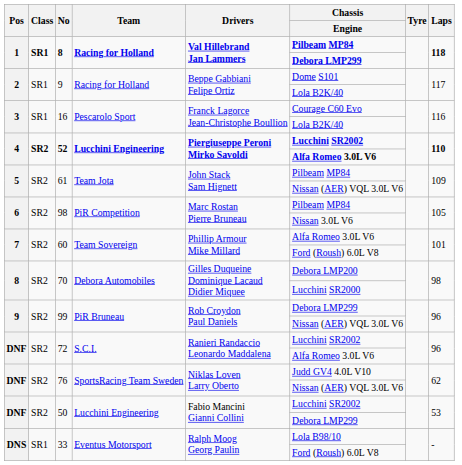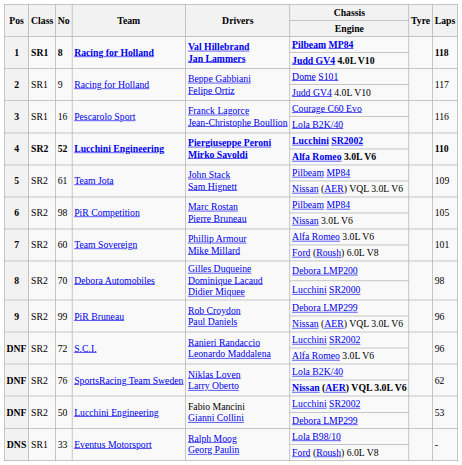 <table class="wikitable" style="font-size: 95%;">
 <tr>
 <th rowspan=2>Pos</th>
 <th rowspan=2>Class</th>
 <th rowspan=2>No</th>
 <th rowspan=2>Team</th>
 <th rowspan=2>Drivers</th>
 <th>Chassis</th>
 <th rowspan=2>Tyre</th>
 <th rowspan=2>Laps</th>
 </tr>
 <tr>
 <th>Engine</th>
 </tr>
 <tr style="font-weight:bold">
 <th rowspan=2>1</th>
 <td rowspan=2>SR1</td>
 <td rowspan=2>8</td>
 <td rowspan=2> <a href='#'>Racing for Holland</a></td>
 <td rowspan=2> <a href='#'>Val Hillebrand</a><br> <a href='#'>Jan Lammers</a></td>
 <td><a href='#'>Pilbeam</a> <a href='#'>MP84</a></td>
 <td rowspan=2></td>
 <td rowspan=2>118</td>
 </tr>
 <tr style="font-weight:bold">
-<td><a href='#'>Debora LMP299</a></td>
+<td><a href='#'>Judd GV4</a> 4.0L V10</td>
 </tr>
 <tr>
 <th rowspan=2>2</th>
 <td rowspan=2>SR1</td>
 <td rowspan=2>9</td>
 <td rowspan=2> <a href='#'>Racing for Holland</a></td>
 <td rowspan=2> <a href='#'>Beppe Gabbiani</a><br> <a href='#'>Felipe Ortiz</a></td>
 <td><a href='#'>Dome</a> <a href='#'>S101</a></td>
 <td rowspan=2></td>
 <td rowspan=2>117</td>
 </tr>
 <tr>
-<td><a href='#'>Lola B2K/40</a></td>
+<td><a href='#'>Judd GV4</a> 4.0L V10</td>
 </tr>
 <tr>
 <th rowspan=2>3</th>
 <td rowspan=2>SR1</td>
 <td rowspan=2>16</td>
 <td rowspan=2> <a href='#'>Pescarolo Sport</a></td>
 <td rowspan=2> <a href='#'>Franck Lagorce</a><br> <a href='#'>Jean-Christophe Boullion</a></td>
 <td><a href='#'>Courage C60 Evo</a></td>
 <td rowspan=2></td>
 <td rowspan=2>116</td>
 </tr>
 <tr>
 <td><a href='#'>Lola B2K/40</a></td>
 </tr>
 <tr style="font-weight:bold">
 <th rowspan=2>4</th>
 <td rowspan=2>SR2</td>
 <td rowspan=2>52</td>
 <td rowspan=2> <a href='#'>Lucchini Engineering</a></td>
 <td rowspan=2> <a href='#'>Piergiuseppe Peroni</a><br> <a href='#'>Mirko Savoldi</a></td>
 <td><a href='#'>Lucchini</a> <a href='#'>SR2002</a></td>
 <td rowspan=2></td>
 <td rowspan=2>110</td>
 </tr>
 <tr style="font-weight:bold">
 <td><a href='#'>Alfa Romeo</a> 3.0L V6</td>
 </tr>
 <tr>
 <th rowspan=2>5</th>
 <td rowspan=2>SR2</td>
 <td rowspan=2>61</td>
 <td rowspan=2> <a href='#'>Team Jota</a></td>
 <td rowspan=2> <a href='#'>John Stack</a><br> <a href='#'>Sam Hignett</a></td>
 <td><a href='#'>Pilbeam</a> <a href='#'>MP84</a></td>
 <td rowspan=2></td>
 <td rowspan=2>109</td>
 </tr>
 <tr>
 <td><a href='#'>Nissan</a> (<a href='#'>AER</a>) VQL 3.0L V6</td>
 </tr>
 <tr>
 <th rowspan=2>6</th>
 <td rowspan=2>SR2</td>
 <td rowspan=2>98</td>
 <td rowspan=2> <a href='#'>PiR Competition</a></td>
 <td rowspan=2> <a href='#'>Marc Rostan</a><br> <a href='#'>Pierre Bruneau</a></td>
 <td><a href='#'>Pilbeam</a> <a href='#'>MP84</a></td>
 <td rowspan=2></td>
 <td rowspan=2>105</td>
 </tr>
 <tr>
 <td><a href='#'>Nissan</a> 3.0L V6</td>
 </tr>
 <tr>
 <th rowspan=2>7</th>
 <td rowspan=2>SR2</td>
 <td rowspan=2>60</td>
 <td rowspan=2> <a href='#'>Team Sovereign</a></td>
 <td rowspan=2> <a href='#'>Phillip Armour</a><br> <a href='#'>Mike Millard</a></td>
 <td><a href='#'>Alfa Romeo</a> 3.0L V6</td>
 <td rowspan=2></td>
 <td rowspan=2>101</td>
 </tr>
 <tr>
 <td><a href='#'>Ford</a> (<a href='#'>Roush</a>) 6.0L V8</td>
 </tr>
 <tr>
 <th rowspan=2>8</th>
 <td rowspan=2>SR2</td>
 <td rowspan=2>70</td>
 <td rowspan=2> <a href='#'>Debora Automobiles</a></td>
 <td rowspan=2> <a href='#'>Gilles Duqueine</a><br> <a href='#'>Dominique Lacaud</a><br> <a href='#'>Didier Miquee</a></td>
 <td><a href='#'>Debora LMP200</a></td>
 <td rowspan=2></td>
 <td rowspan=2>98</td>
 </tr>
 <tr>
 <td><a href='#'>Lucchini</a> <a href='#'>SR2000</a></td>
 </tr>
 <tr>
 <th rowspan=2>9</th>
 <td rowspan=2>SR2</td>
 <td rowspan=2>99</td>
 <td rowspan=2> <a href='#'>PiR Bruneau</a></td>
 <td rowspan=2> <a href='#'>Rob Croydon</a><br> <a href='#'>Paul Daniels</a></td>
 <td><a href='#'>Debora LMP299</a></td>
 <td rowspan=2></td>
 <td rowspan=2>96</td>
 </tr>
 <tr>
 <td><a href='#'>Nissan</a> (<a href='#'>AER</a>) VQL 3.0L V6</td>
 </tr>
 <tr>
 <th rowspan=2>DNF</th>
 <td rowspan=2>SR2</td>
 <td rowspan=2>72</td>
 <td rowspan=2> <a href='#'>S.C.I.</a></td>
 <td rowspan=2> <a href='#'>Ranieri Randaccio</a><br> <a href='#'>Leonardo Maddalena</a></td>
 <td><a href='#'>Lucchini</a> <a href='#'>SR2002</a></td>
 <td rowspan=2></td>
 <td rowspan=2>96</td>
 </tr>
 <tr>
 <td><a href='#'>Alfa Romeo</a> 3.0L V6</td>
 </tr>
 <tr>
 <th rowspan=2>DNF</th>
 <td rowspan=2>SR2</td>
 <td rowspan=2>76</td>
 <td rowspan=2> <a href='#'>SportsRacing Team Sweden</a></td>
 <td rowspan=2> <a href='#'>Niklas Loven</a><br> <a href='#'>Larry Oberto</a></td>
-<td><a href='#'>Judd GV4</a> 4.0L V10</td>
+<td><a href='#'>Lola B2K/40</a></td>
 <td rowspan=2></td>
 <td rowspan=2>62</td>
 </tr>
 <tr>
-<td><a href='#'>Nissan</a> (<a href='#'>AER</a>) VQL 3.0L V6</td>
+<td><strong><a href='#'>Nissan</a> (<a href='#'>AER</a>) VQL 3.0L V6</strong></td>
 </tr>
 <tr>
 <th rowspan=2>DNF</th>
 <td rowspan=2>SR2</td>
 <td rowspan=2>50</td>
 <td rowspan=2> <a href='#'>Lucchini Engineering</a></td>
 <td rowspan=2> Fabio Mancini<br> <a href='#'>Gianni Collini</a></td>
 <td><a href='#'>Lucchini</a> <a href='#'>SR2002</a></td>
 <td rowspan=2></td>
 <td rowspan=2>53</td>
 </tr>
 <tr>
 <td><a href='#'>Debora LMP299</a></td>
 </tr>
 <tr>
 <th rowspan=2>DNS</th>
 <td rowspan=2>SR1</td>
 <td rowspan=2>33</td>
 <td rowspan=2> <a href='#'>Eventus Motorsport</a></td>
 <td rowspan=2> <a href='#'>Ralph Moog</a><br> <a href='#'>Georg Paulin</a></td>
 <td><a href='#'>Lola B98/10</a></td>
 <td rowspan=2></td>
 <td rowspan=2>-</td>
 </tr>
 <tr>
 <td><a href='#'>Ford</a> (<a href='#'>Roush</a>) 6.0L V8</td>
 </tr>
 </table>
